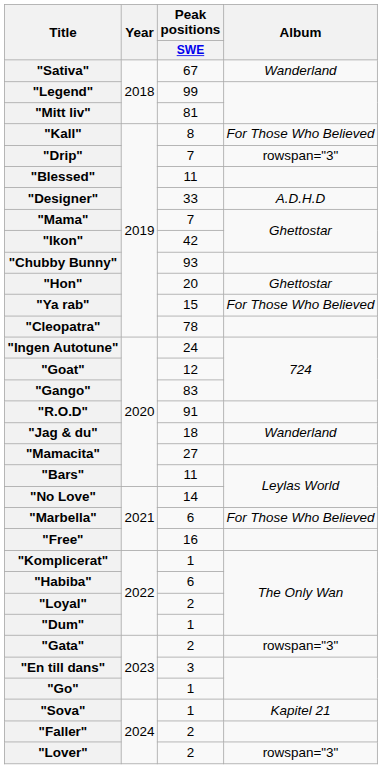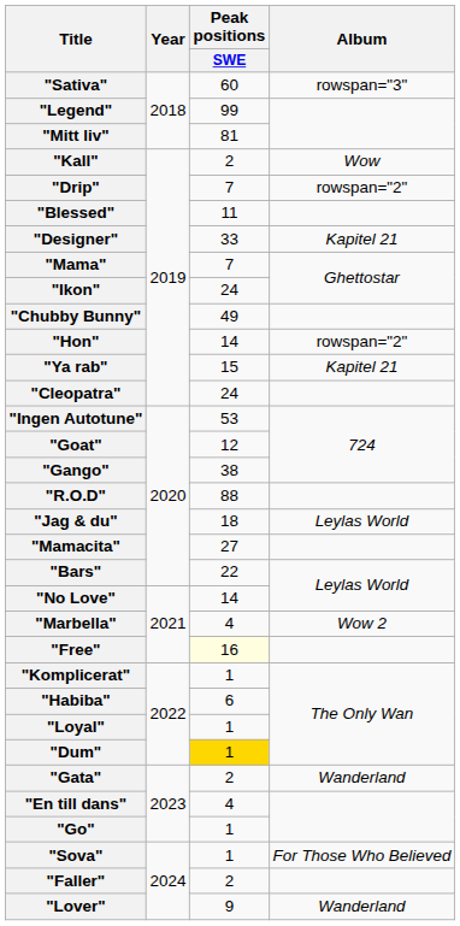 <table class="wikitable plainrowheaders" style="text-align:center">
 <tr>
 <th scope="col" rowspan="2">Title</th>
 <th scope="col" rowspan="2">Year</th>
 <th scope="col" colspan="1">Peak positions</th>
 <th scope="col" rowspan="2">Album</th>
 </tr>
 <tr>
 <th scope="col" style="width:3em;font-size:90%;"><a href='#'>SWE</a><br></th>
 </tr>
 <tr>
 <th scope="row">"Sativa"</th>
 <td rowspan="3">2018</td>
-<td>67</td>
-<td><em>Wanderland</em></td>
+<td>60</td>
+<td>rowspan="3" </td>
 </tr>
 <tr>
 <th scope="row">"Legend"</th>
 <td>99</td>
 </tr>
 <tr>
 <th scope="row">"Mitt liv"</th>
 <td>81</td>
 </tr>
 <tr>
 <th scope="row">"Kall"</th>
 <td rowspan="10">2019</td>
-<td>8</td>
-<td><em>For Those Who Believed</em></td>
+<td>2</td>
+<td><em>Wow</em></td>
 </tr>
 <tr>
 <th scope="row">"Drip"</th>
 <td>7</td>
-<td>rowspan="3" </td>
+<td>rowspan="2" </td>
 </tr>
 <tr>
 <th scope="row">"Blessed"</th>
 <td>11</td>
 </tr>
 <tr>
 <th scope="row">"Designer"<br></th>
 <td>33</td>
-<td><em>A.D.H.D</em></td>
+<td><em>Kapitel 21</em></td>
 </tr>
 <tr>
 <th scope="row">"Mama"</th>
 <td>7</td>
 <td rowspan="2"><em>Ghettostar</em></td>
 </tr>
 <tr>
 <th scope="row">"Ikon"</th>
-<td>42</td>
+<td>24</td>
 </tr>
 <tr>
 <th scope="row">"Chubby Bunny"</th>
-<td>93</td>
+<td>49</td>
 <td></td>
 </tr>
 <tr>
 <th scope="row">"Hon"</th>
-<td>20</td>
-<td><em>Ghettostar</em></td>
+<td>14</td>
+<td>rowspan="2" </td>
 </tr>
 <tr>
 <th scope="row">"Ya rab"</th>
 <td>15</td>
-<td><em>For Those Who Believed</em></td>
+<td><em>Kapitel 21</em></td>
 </tr>
 <tr>
 <th scope="row">"Cleopatra"</th>
-<td>78</td>
+<td>24</td>
 <td></td>
 </tr>
 <tr>
 <th scope="row">"Ingen Autotune"</th>
 <td rowspan="7">2020</td>
-<td>24</td>
+<td>53</td>
 <td rowspan="3"><em>724</em></td>
 </tr>
 <tr>
 <th scope="row">"Goat"</th>
 <td>12</td>
 </tr>
 <tr>
 <th scope="row">"Gango"</th>
-<td>83</td>
+<td>38</td>
 </tr>
 <tr>
 <th scope="row">"R.O.D"<br></th>
-<td>91</td>
+<td>88</td>
 <td></td>
 </tr>
 <tr>
 <th scope="row">"Jag & du"</th>
 <td>18</td>
-<td><em>Wanderland</em></td>
+<td><em>Leylas World</em></td>
 </tr>
 <tr>
 <th scope="row">"Mamacita"</th>
 <td>27</td>
 <td></td>
 </tr>
 <tr>
 <th scope="row">"Bars"</th>
-<td>11</td>
+<td>22</td>
 <td rowspan="2"><em>Leylas World</em></td>
 </tr>
 <tr>
 <th scope="row">"No Love"</th>
 <td rowspan="3">2021</td>
 <td>14</td>
 </tr>
 <tr>
 <th scope="row">"Marbella"</th>
-<td>6</td>
-<td><em>For Those Who Believed</em></td>
+<td>4</td>
+<td><em>Wow 2</em></td>
 </tr>
 <tr>
 <th scope="row">"Free"</th>
-<td>16</td>
+<td style="background: lightyellow;">16</td>
 <td></td>
 </tr>
 <tr>
 <th scope="row">"Komplicerat"</th>
 <td rowspan="4">2022</td>
 <td>1</td>
 <td rowspan="4"><em>The Only Wan</em></td>
 </tr>
 <tr>
 <th scope="row">"Habiba"</th>
 <td>6</td>
 </tr>
 <tr>
 <th scope="row">"Loyal"</th>
-<td>2<br></td>
+<td>1<br></td>
 </tr>
 <tr>
 <th scope="row">"Dum"</th>
-<td>1<br></td>
+<td style="background: gold;">1<br></td>
 </tr>
 <tr>
 <th scope="row">"Gata"</th>
 <td rowspan="3">2023</td>
 <td>2<br></td>
-<td>rowspan="3" </td>
+<td><em>Wanderland</em></td>
 </tr>
 <tr>
 <th scope="row">"En till dans"</th>
-<td>3<br></td>
+<td>4<br></td>
 </tr>
 <tr>
 <th scope="row">"Go"</th>
 <td>1<br></td>
 </tr>
 <tr>
 <th scope="row">"Sova"</th>
 <td rowspan="3">2024</td>
 <td>1<br></td>
-<td><em>Kapitel 21</em></td>
+<td><em>For Those Who Believed</em></td>
 </tr>
 <tr>
 <th scope="row">"Faller"</th>
 <td>2<br></td>
 <td></td>
 </tr>
 <tr>
 <th scope="row">"Lover"</th>
-<td>2<br></td>
-<td>rowspan="3" </td>
+<td>9<br></td>
+<td><em>Wanderland</em></td>
 </tr>
 </table>
